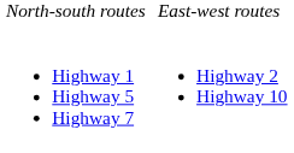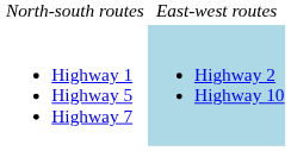 <table>
 <tr>
 <td align=center><em>North-south routes</em></td>
 <td align=center><em>East-west routes</em></td>
 </tr>
 <tr>
 <td valign=top><br><ul><li><a href='#'>Highway 1</a></li><li><a href='#'>Highway 5</a></li><li><a href='#'>Highway 7</a></li></ul></td>
-<td valign=top><br><ul><li><a href='#'>Highway 2</a></li><li><a href='#'>Highway 10</a></li></ul></td>
+<td valign=top style="background: lightblue;"><br><ul><li><a href='#'>Highway 2</a></li><li><a href='#'>Highway 10</a></li></ul></td>
 </tr>
 </table>
